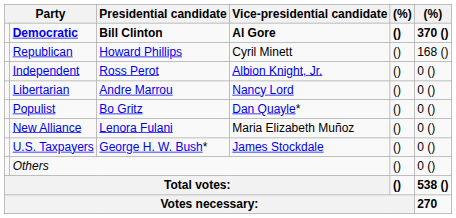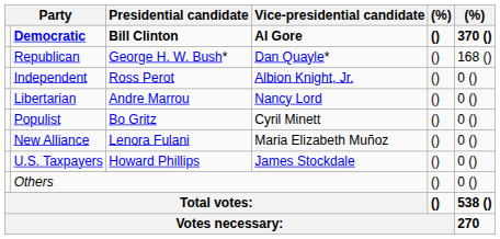 <table class="wikitable sortable">
 <tr>
 <th colspan="2" scope="col">Party</th>
 <th scope="col">Presidential candidate</th>
 <th scope="col">Vice-presidential candidate</th>
 <th scope="col"> (%)</th>
 <th scope="col"> (%)</th>
 </tr>
 <tr>
 <td style="background-color:"></td>
 <td><a href='#'><strong>Democratic</strong></a></td>
 <td><strong>Bill Clinton</strong></td>
 <td><strong>Al Gore</strong></td>
 <td><strong> ()</strong></td>
 <td><strong>370 ()</strong></td>
 </tr>
 <tr>
 <td style="background-color:"></td>
 <td><a href='#'>Republican</a></td>
-<td><a href='#'>Howard Phillips</a></td>
-<td>Cyril Minett</td>
+<td><a href='#'>George H. W. Bush</a>*</td>
+<td><a href='#'>Dan Quayle</a>*</td>
 <td> () </td>
 <td>168 ()</td>
 </tr>
 <tr>
 <td style="background-color:"></td>
 <td><a href='#'>Independent</a></td>
 <td><a href='#'>Ross Perot</a></td>
 <td><a href='#'>Albion Knight, Jr.</a></td>
 <td> ()</td>
 <td>0 ()</td>
 </tr>
 <tr>
 <td style="background-color:"></td>
 <td><a href='#'>Libertarian</a></td>
 <td><a href='#'>Andre Marrou</a></td>
 <td><a href='#'>Nancy Lord</a></td>
 <td> ()</td>
 <td>0 ()</td>
 </tr>
 <tr>
 <td style="background-color:"></td>
 <td><a href='#'>Populist</a></td>
 <td><a href='#'>Bo Gritz</a></td>
-<td><a href='#'>Dan Quayle</a>*</td>
+<td>Cyril Minett</td>
 <td> ()</td>
 <td>0 ()</td>
 </tr>
 <tr>
 <td style="background-color:"></td>
 <td><a href='#'>New Alliance</a></td>
 <td><a href='#'>Lenora Fulani</a></td>
 <td>Maria Elizabeth Muñoz</td>
 <td> ()</td>
 <td>0 ()</td>
 </tr>
 <tr>
 <td style="background-color:"></td>
 <td><a href='#'>U.S. Taxpayers</a></td>
-<td><a href='#'>George H. W. Bush</a>*</td>
+<td><a href='#'>Howard Phillips</a></td>
 <td><a href='#'>James Stockdale</a></td>
 <td> ()</td>
 <td>0 ()</td>
 </tr>
 <tr>
 <td style="background-color:"></td>
 <td colspan="3"><em>Others</em></td>
 <td> ()</td>
 <td>0 ()</td>
 </tr>
 <tr>
 <th colspan="4">Total votes:</th>
 <td><strong> ()</strong></td>
 <td><strong>538 ()</strong></td>
 </tr>
 <tr>
 <th colspan="5">Votes necessary:</th>
 <td><strong>270</strong></td>
 </tr>
 </table>
